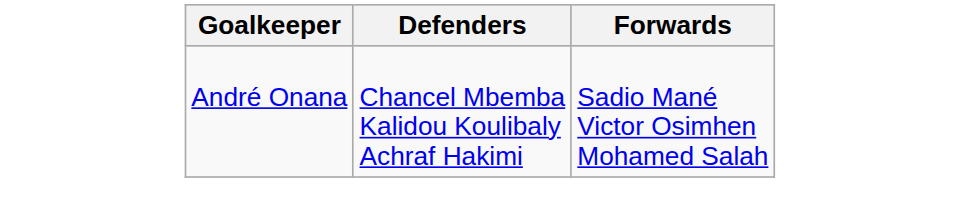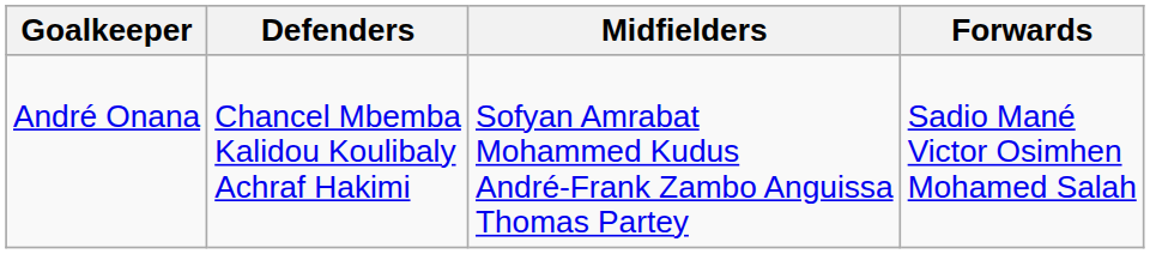 <table class="wikitable" style="margin:0 auto">
 <tr>
 <th>Goalkeeper</th>
 <th>Defenders</th>
+<th>Midfielders</th>
 <th>Forwards</th>
 </tr>
 <tr>
 <td align="left" valign="top"><br> <a href='#'>André Onana</a></td>
 <td align="left" valign="top"><br> <a href='#'>Chancel Mbemba</a><br>  <a href='#'>Kalidou Koulibaly</a><br>  <a href='#'>Achraf Hakimi</a></td>
+<td align="left" valign="top"><br> <a href='#'>Sofyan Amrabat</a><br>  <a href='#'>Mohammed Kudus</a><br>  <a href='#'>André-Frank Zambo Anguissa</a><br>  <a href='#'>Thomas Partey</a><br></td>
 <td align="left" valign="top"><br> <a href='#'>Sadio Mané</a><br>  <a href='#'>Victor Osimhen</a><br>  <a href='#'>Mohamed Salah</a></td>
 </tr>
 </table>
